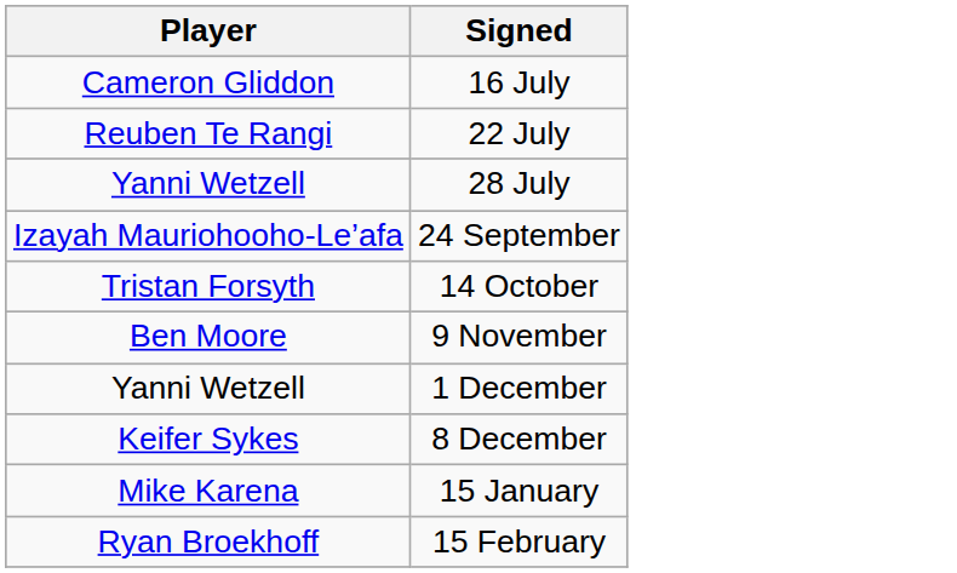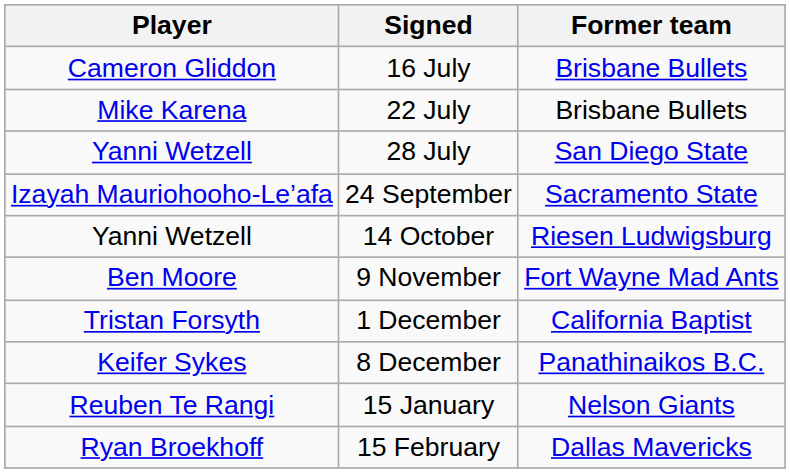 <table class="wikitable sortable sortable" style="text-align: center">
 <tr>
 <th>Player</th>
 <th>Signed</th>
+<th>Former team</th>
 </tr>
 <tr>
 <td><a href='#'>Cameron Gliddon</a></td>
 <td>16 July</td>
+<td><a href='#'>Brisbane Bullets</a></td>
 </tr>
 <tr>
-<td><a href='#'>Reuben Te Rangi</a></td>
+<td><a href='#'>Mike Karena</a></td>
 <td>22 July</td>
+<td>Brisbane Bullets</td>
 </tr>
 <tr>
 <td><a href='#'>Yanni Wetzell</a></td>
 <td>28 July</td>
+<td><a href='#'>San Diego State</a></td>
 </tr>
 <tr>
 <td><a href='#'>Izayah Mauriohooho-Le’afa</a></td>
 <td>24 September</td>
+<td><a href='#'>Sacramento State</a></td>
 </tr>
 <tr>
-<td><a href='#'>Tristan Forsyth</a></td>
+<td>Yanni Wetzell</td>
 <td>14 October</td>
+<td><a href='#'>Riesen Ludwigsburg</a></td>
 </tr>
 <tr>
 <td><a href='#'>Ben Moore</a></td>
 <td>9 November</td>
+<td><a href='#'>Fort Wayne Mad Ants</a></td>
 </tr>
 <tr>
-<td>Yanni Wetzell</td>
+<td><a href='#'>Tristan Forsyth</a></td>
 <td>1 December</td>
+<td><a href='#'>California Baptist</a></td>
 </tr>
 <tr>
 <td><a href='#'>Keifer Sykes</a></td>
 <td>8 December</td>
+<td><a href='#'>Panathinaikos B.C.</a></td>
 </tr>
 <tr>
-<td><a href='#'>Mike Karena</a></td>
+<td><a href='#'>Reuben Te Rangi</a></td>
 <td>15 January</td>
+<td><a href='#'>Nelson Giants</a></td>
 </tr>
 <tr>
 <td><a href='#'>Ryan Broekhoff</a></td>
 <td>15 February</td>
+<td><a href='#'>Dallas Mavericks</a></td>
 </tr>
 </table>
